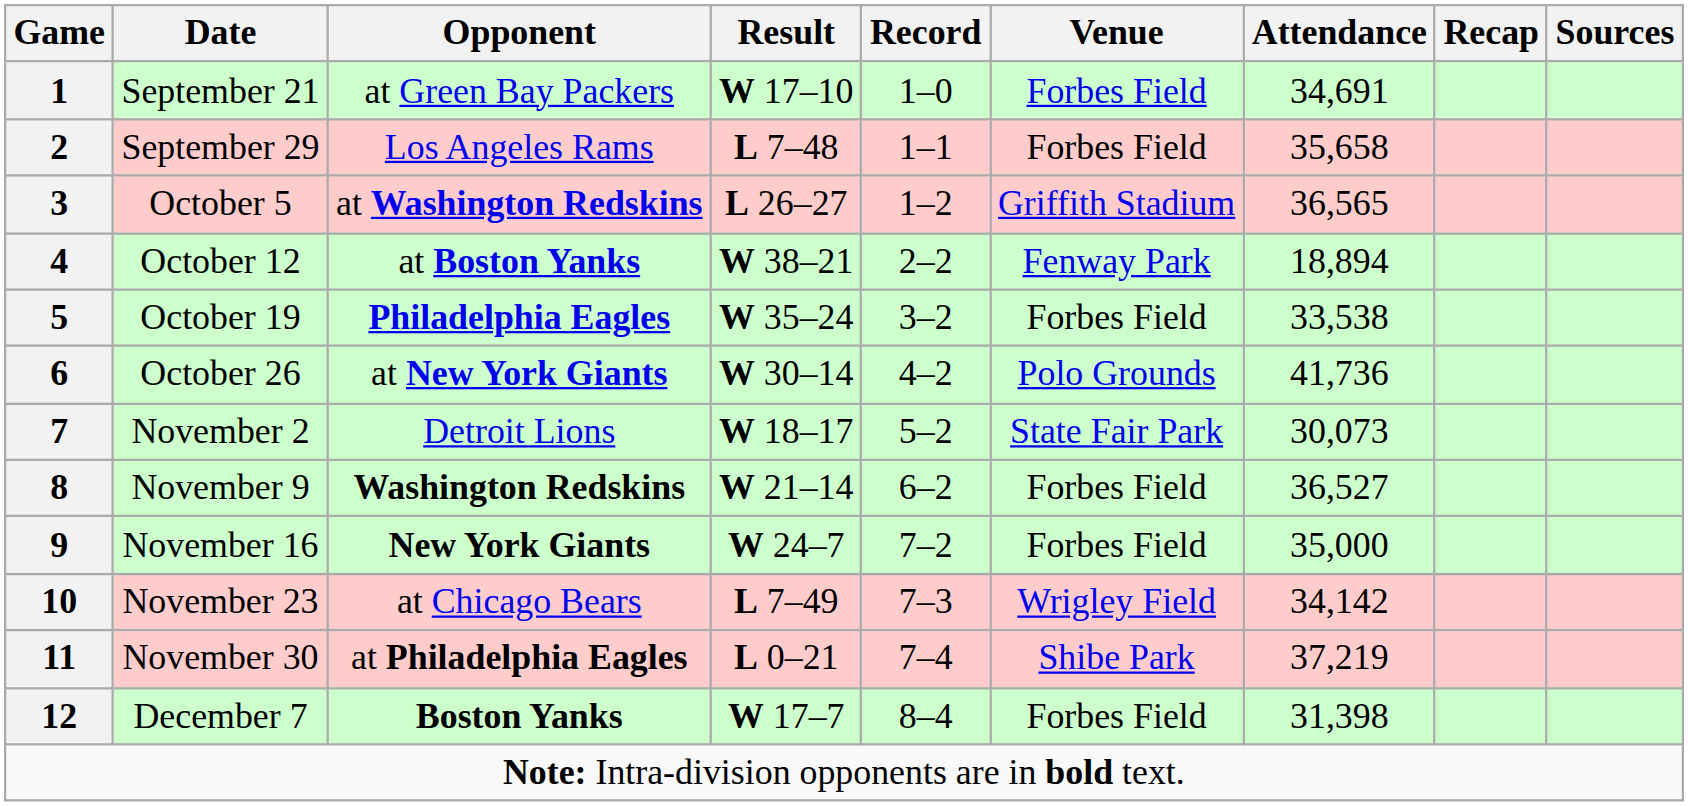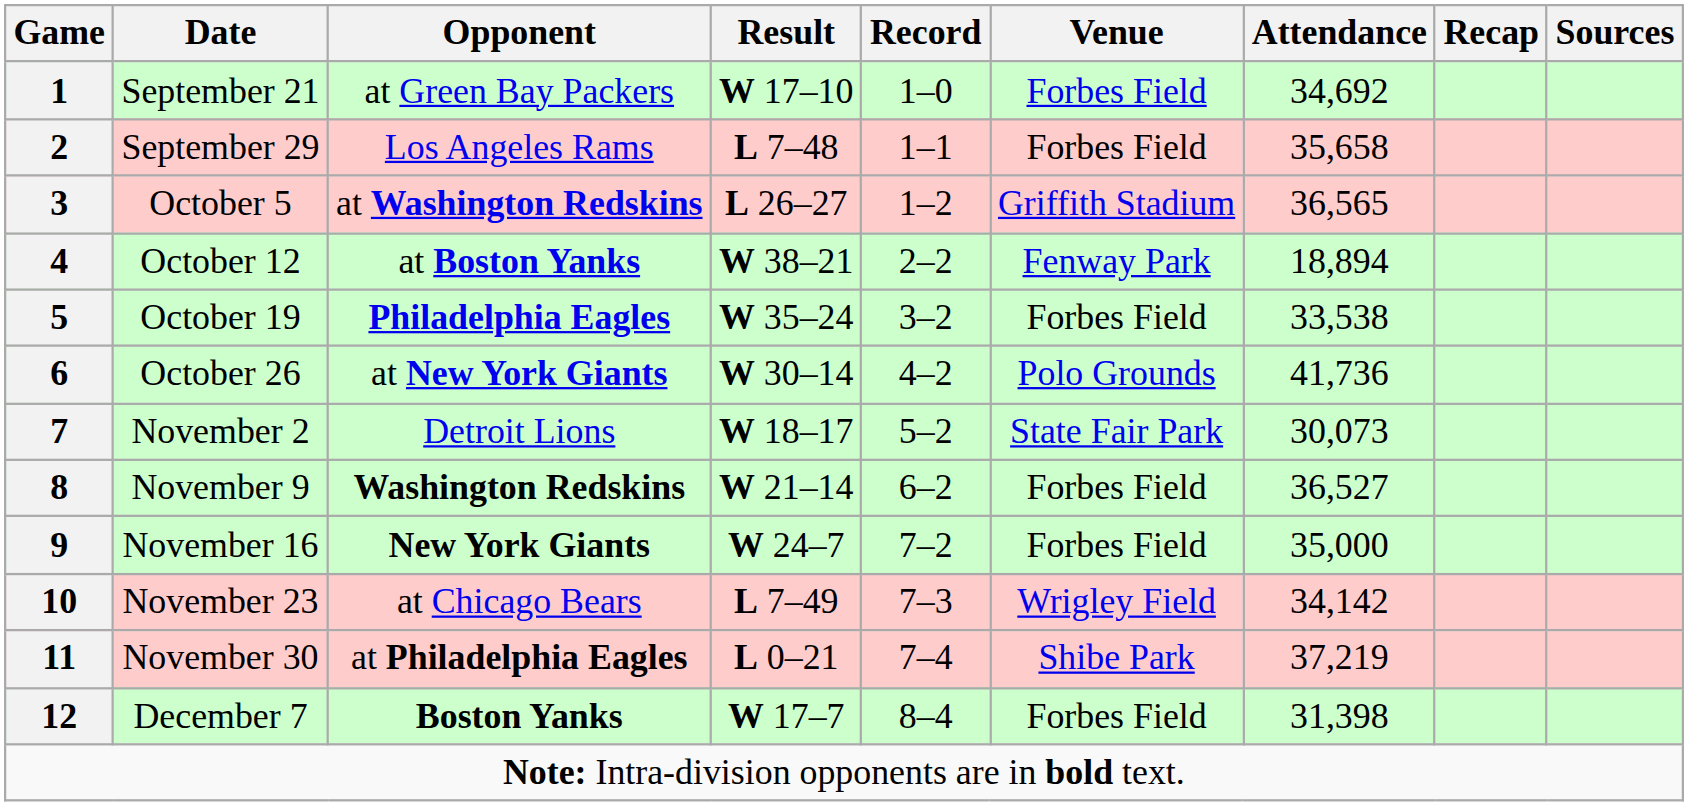 <table class="wikitable" style="text-align:center">
 <tr>
 <th>Game</th>
 <th>Date</th>
 <th>Opponent</th>
 <th>Result</th>
 <th>Record</th>
 <th>Venue</th>
 <th>Attendance</th>
 <th>Recap</th>
 <th>Sources</th>
 </tr>
 <tr style="background:#cfc">
 <th>1</th>
 <td>September 21</td>
 <td>at <a href='#'>Green Bay Packers</a></td>
 <td><strong>W</strong> 17–10</td>
 <td>1–0</td>
 <td><a href='#'>Forbes Field</a></td>
-<td>34,691</td>
+<td>34,692</td>
 <td></td>
 <td></td>
 </tr>
 <tr style="background: #fcc;">
 <th>2</th>
 <td>September 29</td>
 <td><a href='#'>Los Angeles Rams</a></td>
 <td><strong>L</strong> 7–48</td>
 <td>1–1</td>
 <td>Forbes Field</td>
 <td>35,658</td>
 <td></td>
 <td></td>
 </tr>
 <tr style="background: #fcc;">
 <th>3</th>
 <td>October 5</td>
 <td>at <strong><a href='#'>Washington Redskins</a></strong></td>
 <td><strong>L</strong> 26–27</td>
 <td>1–2</td>
 <td><a href='#'>Griffith Stadium</a></td>
 <td>36,565</td>
 <td></td>
 <td></td>
 </tr>
 <tr style="background: #cfc;">
 <th>4</th>
 <td>October 12</td>
 <td>at <strong><a href='#'>Boston Yanks</a></strong></td>
 <td><strong>W</strong> 38–21</td>
 <td>2–2</td>
 <td><a href='#'>Fenway Park</a></td>
 <td>18,894</td>
 <td></td>
 <td></td>
 </tr>
 <tr style="background: #cfc;">
 <th>5</th>
 <td>October 19</td>
 <td><strong><a href='#'>Philadelphia Eagles</a></strong></td>
 <td><strong>W</strong> 35–24</td>
 <td>3–2</td>
 <td>Forbes Field</td>
 <td>33,538</td>
 <td></td>
 <td></td>
 </tr>
 <tr style="background: #cfc;">
 <th>6</th>
 <td>October 26</td>
 <td>at <strong><a href='#'>New York Giants</a></strong></td>
 <td><strong>W</strong> 30–14</td>
 <td>4–2</td>
 <td><a href='#'>Polo Grounds</a></td>
 <td>41,736</td>
 <td></td>
 <td></td>
 </tr>
 <tr style="background: #cfc;">
 <th>7</th>
 <td>November 2</td>
 <td><a href='#'>Detroit Lions</a></td>
 <td><strong>W</strong> 18–17</td>
 <td>5–2</td>
 <td><a href='#'>State Fair Park</a></td>
 <td>30,073</td>
 <td></td>
 <td></td>
 </tr>
 <tr style="background: #cfc;">
 <th>8</th>
 <td>November 9</td>
 <td><strong>Washington Redskins</strong></td>
 <td><strong>W</strong> 21–14</td>
 <td>6–2</td>
 <td>Forbes Field</td>
 <td>36,527</td>
 <td></td>
 <td></td>
 </tr>
 <tr style="background: #cfc;">
 <th>9</th>
 <td>November 16</td>
 <td><strong>New York Giants</strong></td>
 <td><strong>W</strong> 24–7</td>
 <td>7–2</td>
 <td>Forbes Field</td>
 <td>35,000</td>
 <td></td>
 <td></td>
 </tr>
 <tr style="background: #fcc;">
 <th>10</th>
 <td>November 23</td>
 <td>at <a href='#'>Chicago Bears</a></td>
 <td><strong>L</strong> 7–49</td>
 <td>7–3</td>
 <td><a href='#'>Wrigley Field</a></td>
 <td>34,142</td>
 <td></td>
 <td></td>
 </tr>
 <tr style="background: #fcc;">
 <th>11</th>
 <td>November 30</td>
 <td>at <strong>Philadelphia Eagles</strong></td>
 <td><strong>L</strong> 0–21</td>
 <td>7–4</td>
 <td><a href='#'>Shibe Park</a></td>
 <td>37,219</td>
 <td></td>
 <td></td>
 </tr>
 <tr style="background: #cfc;">
 <th>12</th>
 <td>December 7</td>
 <td><strong>Boston Yanks</strong></td>
 <td><strong>W</strong> 17–7</td>
 <td>8–4</td>
 <td>Forbes Field</td>
 <td>31,398</td>
 <td></td>
 <td></td>
 </tr>
 <tr>
 <td colspan="10"><strong>Note:</strong> Intra-division opponents are in <strong>bold</strong> text.</td>
 </tr>
 </table>
